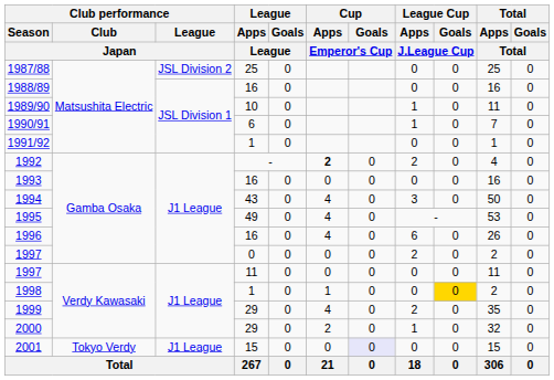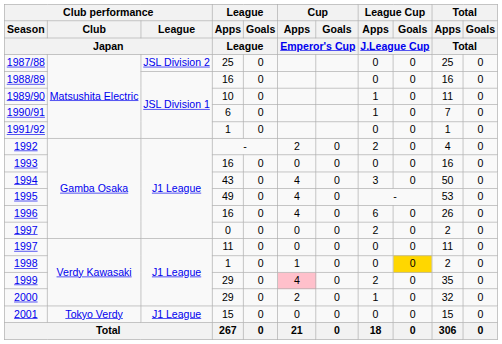 <table class="wikitable" style="text-align:center;">
 <tr>
 <th colspan=3>Club performance</th>
 <th colspan=2>League</th>
 <th colspan=2>Cup</th>
 <th colspan=2>League Cup</th>
 <th colspan=2>Total</th>
 </tr>
 <tr>
 <th>Season</th>
 <th>Club</th>
 <th>League</th>
 <th>Apps</th>
 <th>Goals</th>
 <th>Apps</th>
 <th>Goals</th>
 <th>Apps</th>
 <th>Goals</th>
 <th>Apps</th>
 <th>Goals</th>
 </tr>
 <tr>
 <th colspan=3>Japan</th>
 <th colspan=2>League</th>
 <th colspan=2><a href='#'>Emperor's Cup</a></th>
 <th colspan=2><a href='#'>J.League Cup</a></th>
 <th colspan=2>Total</th>
 </tr>
 <tr>
 <td><a href='#'>1987/88</a></td>
 <td rowspan="5"><a href='#'>Matsushita Electric</a></td>
 <td><a href='#'>JSL Division 2</a></td>
 <td>25</td>
 <td>0</td>
 <td></td>
 <td></td>
 <td>0</td>
 <td>0</td>
 <td>25</td>
 <td>0</td>
 </tr>
 <tr>
 <td><a href='#'>1988/89</a></td>
 <td rowspan="4"><a href='#'>JSL Division 1</a></td>
 <td>16</td>
 <td>0</td>
 <td></td>
 <td></td>
 <td>0</td>
 <td>0</td>
 <td>16</td>
 <td>0</td>
 </tr>
 <tr>
 <td><a href='#'>1989/90</a></td>
 <td>10</td>
 <td>0</td>
 <td></td>
 <td></td>
 <td>1</td>
 <td>0</td>
 <td>11</td>
 <td>0</td>
 </tr>
 <tr>
 <td><a href='#'>1990/91</a></td>
 <td>6</td>
 <td>0</td>
 <td></td>
 <td></td>
 <td>1</td>
 <td>0</td>
 <td>7</td>
 <td>0</td>
 </tr>
 <tr>
 <td><a href='#'>1991/92</a></td>
 <td>1</td>
 <td>0</td>
 <td></td>
 <td></td>
 <td>0</td>
 <td>0</td>
 <td>1</td>
 <td>0</td>
 </tr>
 <tr>
 <td><a href='#'>1992</a></td>
 <td rowspan="6"><a href='#'>Gamba Osaka</a></td>
 <td rowspan="6"><a href='#'>J1 League</a></td>
 <td colspan="2">-</td>
-<td><strong>2</strong></td>
+<td>2</td>
 <td>0</td>
 <td>2</td>
 <td>0</td>
 <td>4</td>
 <td>0</td>
 </tr>
 <tr>
 <td><a href='#'>1993</a></td>
 <td>16</td>
 <td>0</td>
 <td>0</td>
 <td>0</td>
 <td>0</td>
 <td>0</td>
 <td>16</td>
 <td>0</td>
 </tr>
 <tr>
 <td><a href='#'>1994</a></td>
 <td>43</td>
 <td>0</td>
 <td>4</td>
 <td>0</td>
 <td>3</td>
 <td>0</td>
 <td>50</td>
 <td>0</td>
 </tr>
 <tr>
 <td><a href='#'>1995</a></td>
 <td>49</td>
 <td>0</td>
 <td>4</td>
 <td>0</td>
 <td colspan="2">-</td>
 <td>53</td>
 <td>0</td>
 </tr>
 <tr>
 <td><a href='#'>1996</a></td>
 <td>16</td>
 <td>0</td>
 <td>4</td>
 <td>0</td>
 <td>6</td>
 <td>0</td>
 <td>26</td>
 <td>0</td>
 </tr>
 <tr>
 <td><a href='#'>1997</a></td>
 <td>0</td>
 <td>0</td>
 <td>0</td>
 <td>0</td>
 <td>2</td>
 <td>0</td>
 <td>2</td>
 <td>0</td>
 </tr>
 <tr>
 <td><a href='#'>1997</a></td>
 <td rowspan="4"><a href='#'>Verdy Kawasaki</a></td>
 <td rowspan="4"><a href='#'>J1 League</a></td>
 <td>11</td>
 <td>0</td>
 <td>0</td>
 <td>0</td>
 <td>0</td>
 <td>0</td>
 <td>11</td>
 <td>0</td>
 </tr>
 <tr>
 <td><a href='#'>1998</a></td>
 <td>1</td>
 <td>0</td>
 <td>1</td>
 <td>0</td>
 <td>0</td>
 <td style="background: gold;">0</td>
 <td>2</td>
 <td>0</td>
 </tr>
 <tr>
 <td><a href='#'>1999</a></td>
 <td>29</td>
 <td>0</td>
-<td>4</td>
+<td style="background: pink;">4</td>
 <td>0</td>
 <td>2</td>
 <td>0</td>
 <td>35</td>
 <td>0</td>
 </tr>
 <tr>
 <td><a href='#'>2000</a></td>
 <td>29</td>
 <td>0</td>
 <td>2</td>
 <td>0</td>
 <td>1</td>
 <td>0</td>
 <td>32</td>
 <td>0</td>
 </tr>
 <tr>
 <td><a href='#'>2001</a></td>
 <td><a href='#'>Tokyo Verdy</a></td>
 <td><a href='#'>J1 League</a></td>
 <td>15</td>
 <td>0</td>
 <td>0</td>
-<td style="background: lavender;">0</td>
+<td>0</td>
 <td>0</td>
 <td>0</td>
 <td>15</td>
 <td>0</td>
 </tr>
 <tr>
 <th colspan=3>Total</th>
 <th>267</th>
 <th>0</th>
 <th>21</th>
 <th>0</th>
 <th>18</th>
 <th>0</th>
 <th>306</th>
 <th>0</th>
 </tr>
 </table>
